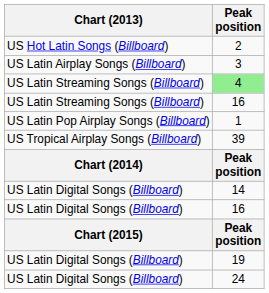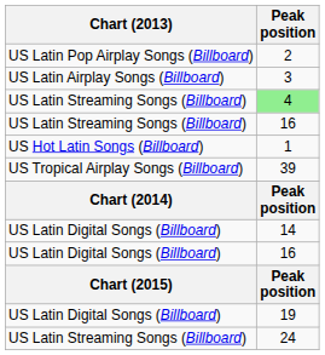 <table class="wikitable sortable">
 <tr>
 <th>Chart (2013)</th>
 <th>Peak<br>position</th>
 </tr>
 <tr>
-<td>US <a href='#'>Hot Latin Songs</a> (<em><a href='#'>Billboard</a></em>)</td>
+<td>US Latin Pop Airplay Songs (<em><a href='#'>Billboard</a></em>)</td>
 <td align="center">2</td>
 </tr>
 <tr>
 <td>US Latin Airplay Songs (<em><a href='#'>Billboard</a></em>)</td>
 <td align="center">3</td>
 </tr>
 <tr>
 <td>US Latin Streaming Songs (<em><a href='#'>Billboard</a></em>)</td>
 <td align="center" style="background: lightgreen;">4</td>
 </tr>
 <tr>
 <td>US Latin Streaming Songs (<em><a href='#'>Billboard</a></em>)</td>
 <td align="center">16</td>
 </tr>
 <tr>
-<td>US Latin Pop Airplay Songs (<em><a href='#'>Billboard</a></em>)</td>
+<td>US <a href='#'>Hot Latin Songs</a> (<em><a href='#'>Billboard</a></em>)</td>
 <td align="center">1</td>
 </tr>
 <tr>
 <td>US Tropical Airplay Songs (<em><a href='#'>Billboard</a></em>)</td>
 <td align="center">39</td>
 </tr>
 <tr>
 <th>Chart (2014)</th>
 <th>Peak<br>position</th>
 </tr>
 <tr>
 <td>US Latin Digital Songs (<em><a href='#'>Billboard</a></em>)</td>
 <td align="center">14</td>
 </tr>
 <tr>
 <td>US Latin Digital Songs (<em><a href='#'>Billboard</a></em>)</td>
 <td align="center">16</td>
 </tr>
 <tr>
 <th>Chart (2015)</th>
 <th>Peak<br>position</th>
 </tr>
 <tr>
 <td>US Latin Digital Songs (<em><a href='#'>Billboard</a></em>)</td>
 <td align="center">19</td>
 </tr>
 <tr>
-<td>US Latin Digital Songs (<em><a href='#'>Billboard</a></em>)</td>
+<td>US Latin Streaming Songs (<em><a href='#'>Billboard</a></em>)</td>
 <td align="center">24</td>
 </tr>
 </table>
